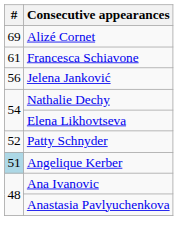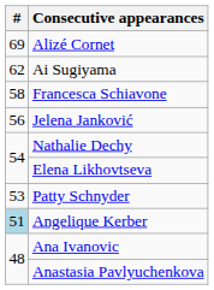 <table class=wikitable style="display:inline-table">
 <tr>
 <th scope="col">#</th>
 <th scope="col">Consecutive appearances</th>
 </tr>
 <tr>
 <td>69</td>
 <td> <a href='#'>Alizé Cornet</a></td>
 </tr>
 <tr>
-<td>61</td>
+<td>62</td>
+<td> Ai Sugiyama</td>
+</tr>
+<tr>
+<td>58</td>
 <td> <a href='#'>Francesca Schiavone</a></td>
 </tr>
 <tr>
 <td>56</td>
 <td> <a href='#'>Jelena Janković</a></td>
 </tr>
 <tr>
 <td rowspan="2">54</td>
 <td> <a href='#'>Nathalie Dechy</a></td>
 </tr>
 <tr>
 <td> <a href='#'>Elena Likhovtseva</a></td>
 </tr>
 <tr>
-<td>52</td>
+<td>53</td>
 <td> <a href='#'>Patty Schnyder</a></td>
 </tr>
 <tr>
 <td style="background: lightblue;">51</td>
 <td> <a href='#'>Angelique Kerber</a></td>
 </tr>
 <tr>
 <td rowspan="2">48</td>
 <td> <a href='#'>Ana Ivanovic</a></td>
 </tr>
 <tr>
 <td> <a href='#'>Anastasia Pavlyuchenkova</a></td>
 </tr>
 </table>
